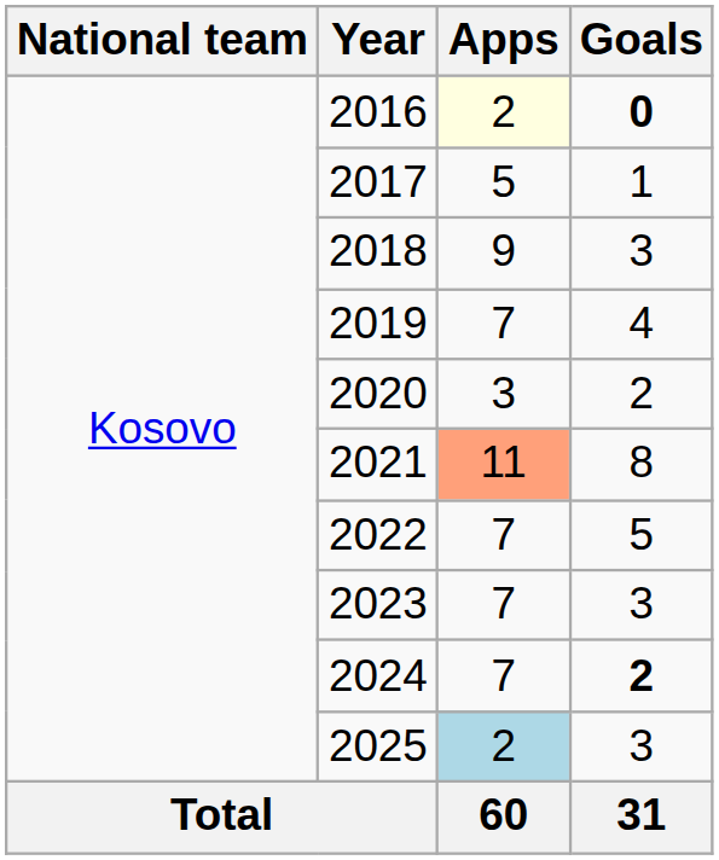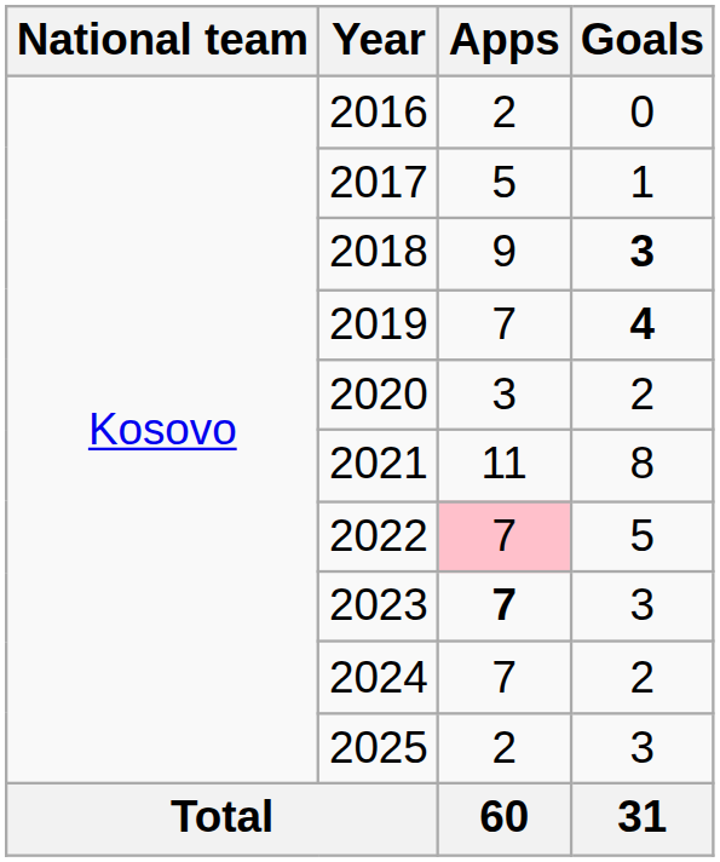 <table class="wikitable" style="text-align: center;">
 <tr>
 <th>National team</th>
 <th>Year</th>
 <th>Apps</th>
 <th>Goals</th>
 </tr>
 <tr>
 <td rowspan="10"><a href='#'>Kosovo</a></td>
 <td>2016</td>
-<td style="background: lightyellow;">2</td>
-<td><strong>0</strong></td>
+<td>2</td>
+<td>0</td>
 </tr>
 <tr>
 <td>2017</td>
 <td>5</td>
 <td>1</td>
 </tr>
 <tr>
 <td>2018</td>
 <td>9</td>
-<td>3</td>
+<td><strong>3</strong></td>
 </tr>
 <tr>
 <td>2019</td>
 <td>7</td>
-<td>4</td>
+<td><strong>4</strong></td>
 </tr>
 <tr>
 <td>2020</td>
 <td>3</td>
 <td>2</td>
 </tr>
 <tr>
 <td>2021</td>
-<td style="background: lightsalmon;">11</td>
+<td>11</td>
 <td>8</td>
 </tr>
 <tr>
 <td>2022</td>
-<td>7</td>
+<td style="background: pink;">7</td>
 <td>5</td>
 </tr>
 <tr>
 <td>2023</td>
-<td>7</td>
+<td><strong>7</strong></td>
 <td>3</td>
 </tr>
 <tr>
 <td>2024</td>
 <td>7</td>
-<td><strong>2</strong></td>
+<td>2</td>
 </tr>
 <tr>
 <td>2025</td>
-<td style="background: lightblue;">2</td>
+<td>2</td>
 <td>3</td>
 </tr>
 <tr>
 <th colspan="2">Total</th>
 <th>60</th>
 <th>31</th>
 </tr>
 </table>
